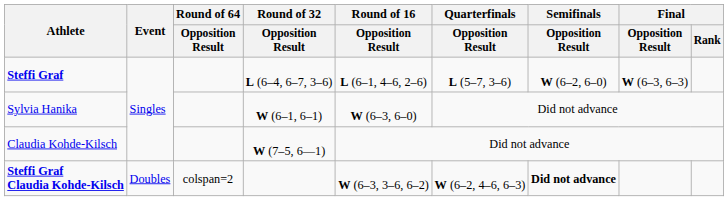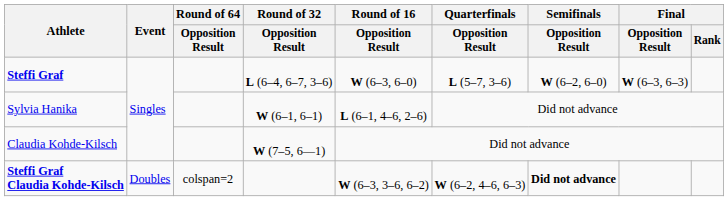 <table class="wikitable" style="font-size:90%">
 <tr>
 <th rowspan="2">Athlete</th>
 <th rowspan="2">Event</th>
 <th>Round of 64</th>
 <th>Round of 32</th>
 <th>Round of 16</th>
 <th>Quarterfinals</th>
 <th>Semifinals</th>
 <th colspan=2>Final</th>
 </tr>
 <tr style="font-size:95%">
 <th>Opposition<br>Result</th>
 <th>Opposition<br>Result</th>
 <th>Opposition<br>Result</th>
 <th>Opposition<br>Result</th>
 <th>Opposition<br>Result</th>
 <th>Opposition<br>Result</th>
 <th>Rank</th>
 </tr>
 <tr align=center>
 <td align=left><strong><a href='#'>Steffi Graf</a></strong></td>
 <td align=left rowspan=3><a href='#'>Singles</a></td>
 <td></td>
 <td><br><strong>L</strong> (6–4, 6–7, 3–6)</td>
-<td><br><strong>L</strong> (6–1, 4–6, 2–6)</td>
+<td><br><strong>W</strong> (6–3, 6–0)</td>
 <td><br><strong>L</strong> (5–7, 3–6)</td>
 <td><br><strong>W</strong> (6–2, 6–0)</td>
 <td><br><strong>W</strong> (6–3, 6–3)</td>
 <td></td>
 </tr>
 <tr align=center>
 <td align=left><a href='#'>Sylvia Hanika</a></td>
 <td></td>
 <td><br><strong>W</strong> (6–1, 6–1)</td>
-<td><br><strong>W</strong> (6–3, 6–0)</td>
+<td><br><strong>L</strong> (6–1, 4–6, 2–6)</td>
 <td colspan=4>Did not advance</td>
 </tr>
 <tr align=center>
 <td align=left><a href='#'>Claudia Kohde-Kilsch</a></td>
 <td></td>
 <td><br><strong>W</strong> (7–5, 6—1)</td>
 <td colspan=5>Did not advance</td>
 </tr>
 <tr align=center>
 <td align=left><strong><a href='#'>Steffi Graf</a><br><a href='#'>Claudia Kohde-Kilsch</a></strong></td>
 <td align=left><a href='#'>Doubles</a></td>
 <td>colspan=2</td>
 <td></td>
 <td><br><strong>W</strong> (6–3, 3–6, 6–2)</td>
 <td><br><strong>W</strong> (6–2, 4–6, 6–3)</td>
 <td><strong>Did not advance</strong></td>
 <td></td>
 </tr>
 </table>
